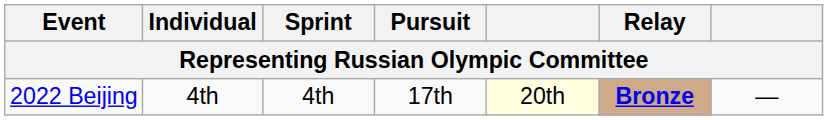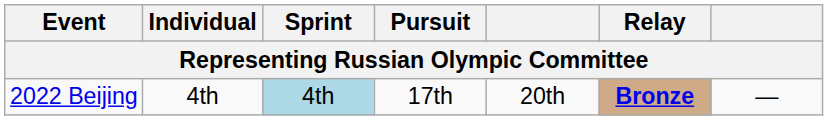 <table class="wikitable" style="text-align: center;">
 <tr>
 <th>Event</th>
 <th style="width:70px;">Individual</th>
 <th style="width:70px;">Sprint</th>
 <th style="width:70px;">Pursuit</th>
 <th style="width:70px;"></th>
 <th style="width:70px;">Relay</th>
 <th style="width:70px;"></th>
 </tr>
 <tr>
 <th colspan=7>Representing  Russian Olympic Committee</th>
 </tr>
 <tr>
 <td align=left> <a href='#'>2022 Beijing</a></td>
 <td>4th</td>
-<td>4th</td>
+<td style="background: lightblue;">4th</td>
 <td>17th</td>
-<td style="background: lightyellow;">20th</td>
+<td>20th</td>
 <td style="background:#cfaa88;"><a href='#'><strong>Bronze</strong></a></td>
 <td>―</td>
 </tr>
 </table>
